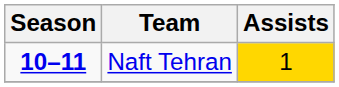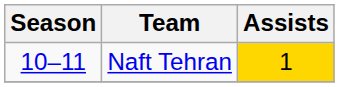 <table class="wikitable" style="text-align: center;">
 <tr>
 <th>Season</th>
 <th>Team</th>
 <th>Assists</th>
 </tr>
 <tr>
-<td><strong><a href='#'>10–11</a></strong></td>
+<td><a href='#'>10–11</a></td>
 <td align="left"><a href='#'>Naft Tehran</a></td>
 <td style="background: gold;">1</td>
 </tr>
 <tr>
 </tr>
 </table>
